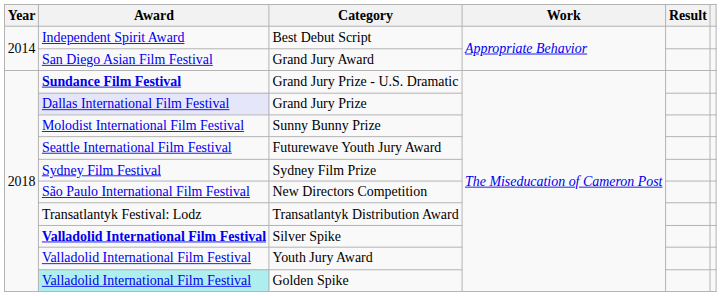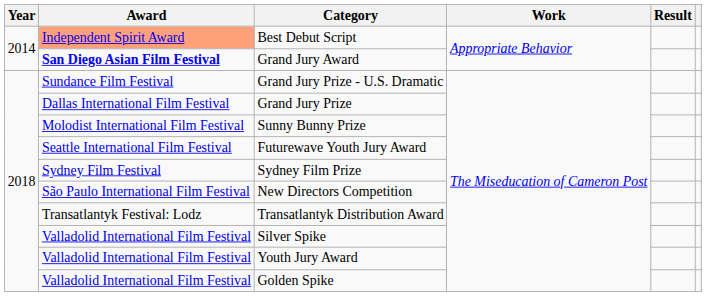 <table class="wikitable sortable">
 <tr>
 <th>Year</th>
 <th>Award</th>
 <th>Category</th>
 <th>Work</th>
 <th>Result</th>
 <th class="unsortable"></th>
 </tr>
 <tr>
 <td rowspan="2">2014</td>
-<td><a href='#'>Independent Spirit Award</a></td>
+<td style="background: lightsalmon;"><a href='#'>Independent Spirit Award</a></td>
 <td>Best Debut Script</td>
 <td rowspan="2"><em><a href='#'>Appropriate Behavior</a></em></td>
 <td></td>
 <td></td>
 </tr>
 <tr>
-<td><a href='#'>San Diego Asian Film Festival</a></td>
+<td><strong><a href='#'>San Diego Asian Film Festival</a></strong></td>
 <td>Grand Jury Award</td>
 <td></td>
 <td></td>
 </tr>
 <tr>
 <td rowspan="10">2018</td>
-<td><strong><a href='#'>Sundance Film Festival</a></strong></td>
+<td><a href='#'>Sundance Film Festival</a></td>
 <td>Grand Jury Prize - U.S. Dramatic</td>
 <td rowspan="10"><em><a href='#'>The Miseducation of Cameron Post</a></em></td>
 <td></td>
 <td></td>
 </tr>
 <tr>
-<td style="background: lavender;"><a href='#'>Dallas International Film Festival</a></td>
+<td><a href='#'>Dallas International Film Festival</a></td>
 <td>Grand Jury Prize</td>
 <td></td>
 <td></td>
 </tr>
 <tr>
 <td><a href='#'>Molodist International Film Festival</a></td>
 <td>Sunny Bunny Prize</td>
 <td></td>
 <td></td>
 </tr>
 <tr>
 <td><a href='#'>Seattle International Film Festival</a></td>
 <td>Futurewave Youth Jury Award</td>
 <td></td>
 <td></td>
 </tr>
 <tr>
 <td><a href='#'>Sydney Film Festival</a></td>
 <td>Sydney Film Prize</td>
 <td></td>
 <td></td>
 </tr>
 <tr>
 <td><a href='#'>São Paulo International Film Festival</a></td>
 <td>New Directors Competition</td>
 <td></td>
 <td></td>
 </tr>
 <tr>
 <td>Transatlantyk Festival: Lodz</td>
 <td>Transatlantyk Distribution Award</td>
 <td></td>
 <td></td>
 </tr>
 <tr>
-<td><strong><a href='#'>Valladolid International Film Festival</a></strong></td>
+<td><a href='#'>Valladolid International Film Festival</a></td>
 <td>Silver Spike</td>
 <td></td>
 <td></td>
 </tr>
 <tr>
 <td><a href='#'>Valladolid International Film Festival</a></td>
 <td>Youth Jury Award</td>
 <td></td>
 <td></td>
 </tr>
 <tr>
-<td style="background: paleturquoise;"><a href='#'>Valladolid International Film Festival</a></td>
+<td><a href='#'>Valladolid International Film Festival</a></td>
 <td>Golden Spike</td>
 <td></td>
 <td></td>
 </tr>
 </table>
